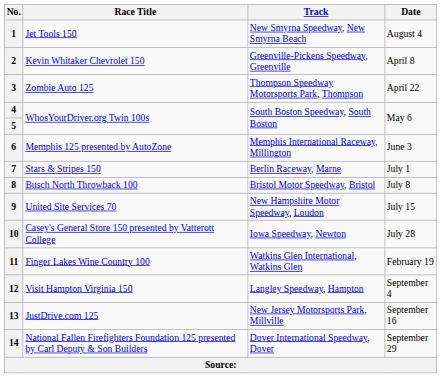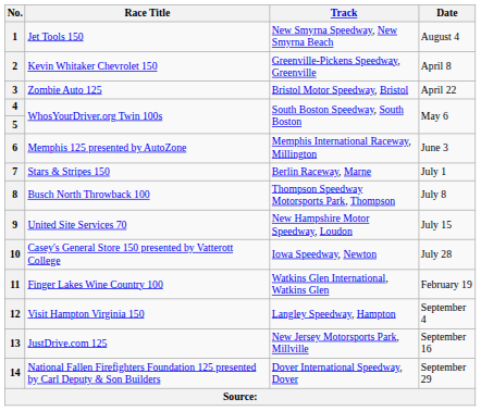 <table class="wikitable" style="font-size:85%;">
 <tr>
 <th>No.</th>
 <th>Race Title</th>
 <th><a href='#'>Track</a></th>
 <th>Date</th>
 </tr>
 <tr>
 <th>1</th>
 <td><a href='#'>Jet Tools 150</a></td>
 <td><a href='#'>New Smyrna Speedway</a>, <a href='#'>New Smyrna Beach</a></td>
 <td>August 4</td>
 </tr>
 <tr>
 <th>2</th>
 <td><a href='#'>Kevin Whitaker Chevrolet 150</a></td>
 <td><a href='#'>Greenville-Pickens Speedway</a>, <a href='#'>Greenville</a></td>
 <td>April 8</td>
 </tr>
 <tr>
 <th>3</th>
 <td><a href='#'>Zombie Auto 125</a></td>
-<td><a href='#'>Thompson Speedway Motorsports Park</a>, <a href='#'>Thompson</a></td>
+<td><a href='#'>Bristol Motor Speedway</a>, <a href='#'>Bristol</a></td>
 <td>April 22</td>
 </tr>
 <tr>
 <th>4</th>
 <td rowspan=2><a href='#'>WhosYourDriver.org Twin 100s</a></td>
 <td rowspan=2><a href='#'>South Boston Speedway</a>, <a href='#'>South Boston</a></td>
 <td rowspan=2>May 6</td>
 </tr>
 <tr>
 <th>5</th>
 </tr>
 <tr>
 <th>6</th>
 <td><a href='#'>Memphis 125 presented by AutoZone</a></td>
 <td><a href='#'>Memphis International Raceway</a>, <a href='#'>Millington</a></td>
 <td>June 3</td>
 </tr>
 <tr>
 <th>7</th>
 <td><a href='#'>Stars & Stripes 150</a></td>
 <td><a href='#'>Berlin Raceway</a>, <a href='#'>Marne</a></td>
 <td>July 1</td>
 </tr>
 <tr>
 <th>8</th>
 <td><a href='#'>Busch North Throwback 100</a></td>
-<td><a href='#'>Bristol Motor Speedway</a>, <a href='#'>Bristol</a></td>
+<td><a href='#'>Thompson Speedway Motorsports Park</a>, <a href='#'>Thompson</a></td>
 <td>July 8</td>
 </tr>
 <tr>
 <th>9</th>
 <td><a href='#'>United Site Services 70</a></td>
 <td><a href='#'>New Hampshire Motor Speedway</a>, <a href='#'>Loudon</a></td>
 <td>July 15</td>
 </tr>
 <tr>
 <th>10</th>
 <td><a href='#'>Casey's General Store 150 presented by Vatterott College</a></td>
 <td><a href='#'>Iowa Speedway</a>, <a href='#'>Newton</a></td>
 <td>July 28</td>
 </tr>
 <tr>
 <th>11</th>
 <td><a href='#'>Finger Lakes Wine Country 100</a></td>
 <td><a href='#'>Watkins Glen International</a>, <a href='#'>Watkins Glen</a></td>
 <td>February 19</td>
 </tr>
 <tr>
 <th>12</th>
 <td><a href='#'>Visit Hampton Virginia 150</a></td>
 <td><a href='#'>Langley Speedway</a>, <a href='#'>Hampton</a></td>
 <td>September 4</td>
 </tr>
 <tr>
 <th>13</th>
 <td><a href='#'>JustDrive.com 125</a></td>
 <td><a href='#'>New Jersey Motorsports Park</a>, <a href='#'>Millville</a></td>
 <td>September 16</td>
 </tr>
 <tr>
 <th>14</th>
 <td><a href='#'>National Fallen Firefighters Foundation 125 presented by Carl Deputy & Son Builders</a></td>
 <td><a href='#'>Dover International Speedway</a>, <a href='#'>Dover</a></td>
 <td>September 29</td>
 </tr>
 <tr>
 <th colspan=4>Source:</th>
 </tr>
 </table>
